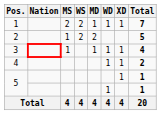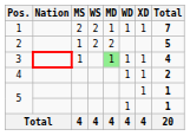 <table class="wikitable" style="text-align:center">
 <tr>
 <th>Pos.</th>
 <th>Nation</th>
 <th>MS</th>
 <th>WS</th>
 <th>MD</th>
 <th>WD</th>
 <th>XD</th>
 <th>Total</th>
 </tr>
 <tr>
 <td>1</td>
 <td align="left"></td>
 <td>2</td>
 <td>2</td>
 <td>1</td>
 <td>1</td>
 <td>1</td>
 <td><strong>7</strong></td>
 </tr>
 <tr>
 <td>2</td>
 <td align="left"></td>
 <td>1</td>
 <td>2</td>
 <td>2</td>
 <td></td>
 <td></td>
 <td><strong>5</strong></td>
 </tr>
 <tr>
 <td>3</td>
 <td align="left" style="border: 3px solid red"></td>
 <td>1</td>
 <td></td>
-<td>1</td>
+<td style="background: lightgreen;">1</td>
 <td>1</td>
 <td>1</td>
 <td><strong>4</strong></td>
 </tr>
 <tr>
 <td>4</td>
 <td align="left"></td>
 <td></td>
 <td></td>
 <td></td>
 <td>1</td>
 <td>1</td>
 <td><strong>2</strong></td>
 </tr>
 <tr>
 <td rowspan="2">5</td>
 <td align="left"></td>
 <td></td>
 <td></td>
 <td></td>
 <td></td>
 <td>1</td>
 <td><strong>1</strong></td>
 </tr>
 <tr>
 <td align="left"></td>
 <td></td>
 <td></td>
 <td></td>
 <td>1</td>
 <td></td>
 <td><strong>1</strong></td>
 </tr>
 <tr>
 <th colspan="2">Total</th>
 <th>4</th>
 <th>4</th>
 <th>4</th>
 <th>4</th>
 <th>4</th>
 <th>20</th>
 </tr>
 </table>
